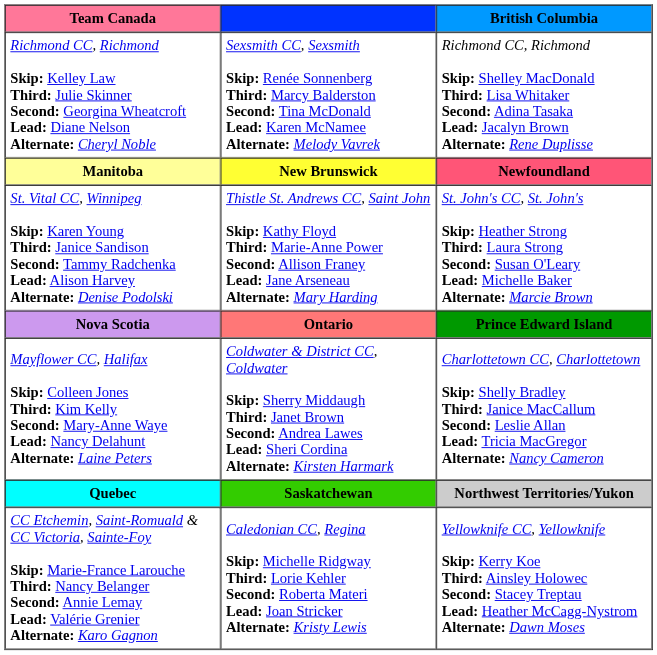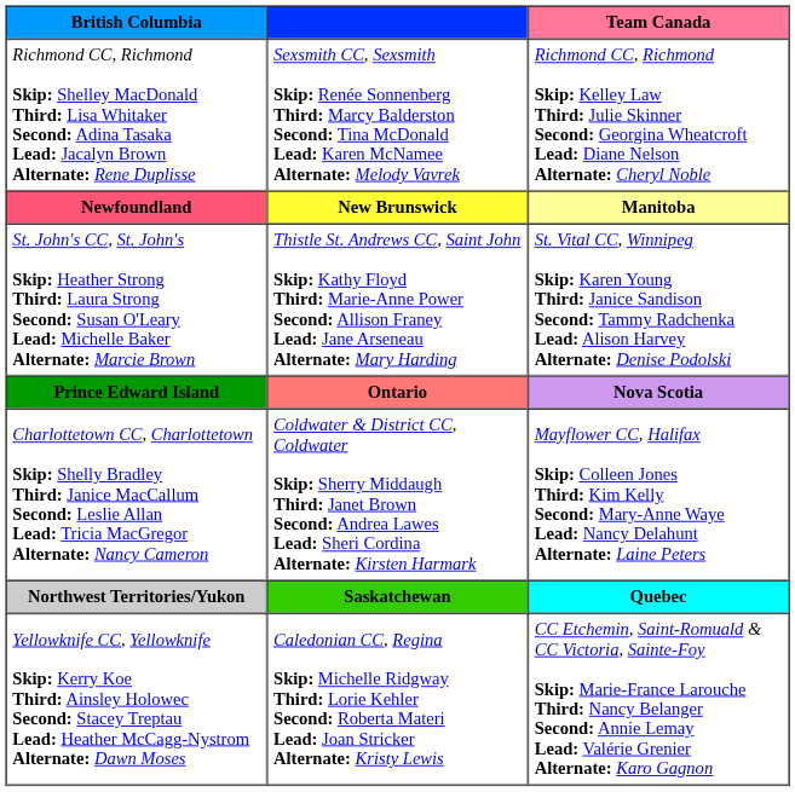 <table border=1 cellpadding=5 cellspacing=0>
 <tr>
+<th bgcolor="#0099ff" width="225">British Columbia</th>
+<th bgcolor="#0033ff" width="225"></th>
 <th bgcolor="#ff7799" width="225">Team Canada</th>
-<th bgcolor="#0033ff" width="225"></th>
-<th bgcolor="#0099ff" width="225">British Columbia</th>
 </tr>
 <tr align=center>
+<td align=left><em>Richmond CC, Richmond</em><br><br><strong>Skip:</strong> <a href='#'>Shelley MacDonald</a><br> <strong>Third:</strong> <a href='#'>Lisa Whitaker</a><br> <strong>Second:</strong> <a href='#'>Adina Tasaka</a><br> <strong>Lead:</strong> <a href='#'>Jacalyn Brown</a><br> <strong>Alternate:</strong> <em><a href='#'>Rene Duplisse</a></em></td>
+<td align=left><em><a href='#'>Sexsmith CC</a>, <a href='#'>Sexsmith</a></em><br><br><strong>Skip:</strong> <a href='#'>Renée Sonnenberg</a><br> <strong>Third:</strong> <a href='#'>Marcy Balderston</a><br> <strong>Second:</strong> <a href='#'>Tina McDonald</a><br> <strong>Lead:</strong> <a href='#'>Karen McNamee</a><br> <strong>Alternate:</strong> <em><a href='#'>Melody Vavrek</a></em></td>
 <td align=left><em><a href='#'>Richmond CC</a>, <a href='#'>Richmond</a></em><br><br><strong>Skip:</strong> <a href='#'>Kelley Law</a><br> <strong>Third:</strong> <a href='#'>Julie Skinner</a><br> <strong>Second:</strong> <a href='#'>Georgina Wheatcroft</a><br> <strong>Lead:</strong> <a href='#'>Diane Nelson</a><br> <strong>Alternate:</strong> <em><a href='#'>Cheryl Noble</a></em></td>
-<td align=left><em><a href='#'>Sexsmith CC</a>, <a href='#'>Sexsmith</a></em><br><br><strong>Skip:</strong> <a href='#'>Renée Sonnenberg</a><br> <strong>Third:</strong> <a href='#'>Marcy Balderston</a><br> <strong>Second:</strong> <a href='#'>Tina McDonald</a><br> <strong>Lead:</strong> <a href='#'>Karen McNamee</a><br> <strong>Alternate:</strong> <em><a href='#'>Melody Vavrek</a></em></td>
-<td align=left><em>Richmond CC, Richmond</em><br><br><strong>Skip:</strong> <a href='#'>Shelley MacDonald</a><br> <strong>Third:</strong> <a href='#'>Lisa Whitaker</a><br> <strong>Second:</strong> <a href='#'>Adina Tasaka</a><br> <strong>Lead:</strong> <a href='#'>Jacalyn Brown</a><br> <strong>Alternate:</strong> <em><a href='#'>Rene Duplisse</a></em></td>
 </tr>
 <tr border=1 cellpadding=5 cellspacing=0>
+<th bgcolor="#ff5577" width="200">Newfoundland</th>
+<th bgcolor="#ffff33" width="200">New Brunswick</th>
 <th bgcolor="#ffff99" width="200">Manitoba</th>
-<th bgcolor="#ffff33" width="200">New Brunswick</th>
-<th bgcolor="#ff5577" width="200">Newfoundland</th>
 </tr>
 <tr align=center>
+<td align=left><em><a href='#'>St. John's CC</a>, <a href='#'>St. John's</a></em><br><br><strong>Skip:</strong> <a href='#'>Heather Strong</a> <br> <strong>Third:</strong> <a href='#'>Laura Strong</a><br> <strong>Second:</strong> <a href='#'>Susan O'Leary</a><br> <strong>Lead:</strong> <a href='#'>Michelle Baker</a><br> <strong>Alternate:</strong> <em><a href='#'>Marcie Brown</a></em></td>
+<td align=left><em><a href='#'>Thistle St. Andrews CC</a>, <a href='#'>Saint John</a></em><br><br><strong>Skip:</strong> <a href='#'>Kathy Floyd</a><br> <strong>Third:</strong> <a href='#'>Marie-Anne Power</a><br> <strong>Second:</strong> <a href='#'>Allison Franey</a><br> <strong>Lead:</strong> <a href='#'>Jane Arseneau</a><br> <strong>Alternate:</strong> <em><a href='#'>Mary Harding</a></em></td>
 <td align=left><em><a href='#'>St. Vital CC</a>, <a href='#'>Winnipeg</a></em><br><br><strong>Skip:</strong> <a href='#'>Karen Young</a><br> <strong>Third:</strong> <a href='#'>Janice Sandison</a><br> <strong>Second:</strong> <a href='#'>Tammy Radchenka</a><br> <strong>Lead:</strong> <a href='#'>Alison Harvey</a><br> <strong>Alternate:</strong> <em><a href='#'>Denise Podolski</a></em></td>
-<td align=left><em><a href='#'>Thistle St. Andrews CC</a>, <a href='#'>Saint John</a></em><br><br><strong>Skip:</strong> <a href='#'>Kathy Floyd</a><br> <strong>Third:</strong> <a href='#'>Marie-Anne Power</a><br> <strong>Second:</strong> <a href='#'>Allison Franey</a><br> <strong>Lead:</strong> <a href='#'>Jane Arseneau</a><br> <strong>Alternate:</strong> <em><a href='#'>Mary Harding</a></em></td>
-<td align=left><em><a href='#'>St. John's CC</a>, <a href='#'>St. John's</a></em><br><br><strong>Skip:</strong> <a href='#'>Heather Strong</a> <br> <strong>Third:</strong> <a href='#'>Laura Strong</a><br> <strong>Second:</strong> <a href='#'>Susan O'Leary</a><br> <strong>Lead:</strong> <a href='#'>Michelle Baker</a><br> <strong>Alternate:</strong> <em><a href='#'>Marcie Brown</a></em></td>
 </tr>
 <tr border=1 cellpadding=5 cellspacing=0>
+<th bgcolor="#009900" width="200">Prince Edward Island</th>
+<th bgcolor="#ff7777" width="200">Ontario</th>
 <th bgcolor="#cc99ee" width="200">Nova Scotia</th>
-<th bgcolor="#ff7777" width="200">Ontario</th>
-<th bgcolor="#009900" width="200">Prince Edward Island</th>
 </tr>
 <tr align=center>
+<td align=left><em><a href='#'>Charlottetown CC</a>, <a href='#'>Charlottetown</a></em><br><br><strong>Skip:</strong> <a href='#'>Shelly Bradley</a><br> <strong>Third:</strong> <a href='#'>Janice MacCallum</a> <br> <strong>Second:</strong> <a href='#'>Leslie Allan</a><br> <strong>Lead:</strong> <a href='#'>Tricia MacGregor</a><br> <strong>Alternate:</strong> <em><a href='#'>Nancy Cameron</a></em></td>
+<td align=left><em><a href='#'>Coldwater & District CC</a>, <a href='#'>Coldwater</a></em><br><br><strong>Skip:</strong> <a href='#'>Sherry Middaugh</a><br> <strong>Third:</strong> <a href='#'>Janet Brown</a><br> <strong>Second:</strong> <a href='#'>Andrea Lawes</a><br> <strong>Lead:</strong> <a href='#'>Sheri Cordina</a><br> <strong>Alternate:</strong> <em><a href='#'>Kirsten Harmark</a></em></td>
 <td align=left><em><a href='#'>Mayflower CC</a>, <a href='#'>Halifax</a></em><br><br><strong>Skip:</strong> <a href='#'>Colleen Jones</a><br> <strong>Third:</strong> <a href='#'>Kim Kelly</a><br> <strong>Second:</strong> <a href='#'>Mary-Anne Waye</a><br> <strong>Lead:</strong> <a href='#'>Nancy Delahunt</a><br> <strong>Alternate:</strong> <em><a href='#'>Laine Peters</a></em></td>
-<td align=left><em><a href='#'>Coldwater & District CC</a>, <a href='#'>Coldwater</a></em><br><br><strong>Skip:</strong> <a href='#'>Sherry Middaugh</a><br> <strong>Third:</strong> <a href='#'>Janet Brown</a><br> <strong>Second:</strong> <a href='#'>Andrea Lawes</a><br> <strong>Lead:</strong> <a href='#'>Sheri Cordina</a><br> <strong>Alternate:</strong> <em><a href='#'>Kirsten Harmark</a></em></td>
-<td align=left><em><a href='#'>Charlottetown CC</a>, <a href='#'>Charlottetown</a></em><br><br><strong>Skip:</strong> <a href='#'>Shelly Bradley</a><br> <strong>Third:</strong> <a href='#'>Janice MacCallum</a> <br> <strong>Second:</strong> <a href='#'>Leslie Allan</a><br> <strong>Lead:</strong> <a href='#'>Tricia MacGregor</a><br> <strong>Alternate:</strong> <em><a href='#'>Nancy Cameron</a></em></td>
 </tr>
 <tr border=1 cellpadding=5 cellspacing=0>
+<th bgcolor="#cccccc" width="200">Northwest Territories/Yukon</th>
+<th bgcolor="#33cc00" width="200">Saskatchewan</th>
 <th bgcolor="#00ffff" width="200">Quebec</th>
-<th bgcolor="#33cc00" width="200">Saskatchewan</th>
-<th bgcolor="#cccccc" width="200">Northwest Territories/Yukon</th>
 </tr>
 <tr align=center>
+<td align=left><em><a href='#'>Yellowknife CC</a>, <a href='#'>Yellowknife</a></em><br><br><strong>Skip:</strong> <a href='#'>Kerry Koe</a><br> <strong>Third:</strong> <a href='#'>Ainsley Holowec</a><br> <strong>Second:</strong> <a href='#'>Stacey Treptau</a><br> <strong>Lead:</strong> <a href='#'>Heather McCagg-Nystrom</a><br> <strong>Alternate:</strong> <em><a href='#'>Dawn Moses</a></em></td>
+<td align=left><em><a href='#'>Caledonian CC</a>, <a href='#'>Regina</a></em><br><br><strong>Skip:</strong> <a href='#'>Michelle Ridgway</a><br> <strong>Third:</strong> <a href='#'>Lorie Kehler</a><br> <strong>Second:</strong> <a href='#'>Roberta Materi</a><br> <strong>Lead:</strong> <a href='#'>Joan Stricker</a><br> <strong>Alternate:</strong> <em><a href='#'>Kristy Lewis</a></em></td>
 <td align=left><em><a href='#'>CC Etchemin</a>, <a href='#'>Saint-Romuald</a> &<br><a href='#'>CC Victoria</a>, <a href='#'>Sainte-Foy</a></em><br><br><strong>Skip:</strong> <a href='#'>Marie-France Larouche</a><br> <strong>Third:</strong> <a href='#'>Nancy Belanger</a><br> <strong>Second:</strong> <a href='#'>Annie Lemay</a><br> <strong>Lead:</strong> <a href='#'>Valérie Grenier</a><br> <strong>Alternate:</strong> <em><a href='#'>Karo Gagnon</a></em></td>
-<td align=left><em><a href='#'>Caledonian CC</a>, <a href='#'>Regina</a></em><br><br><strong>Skip:</strong> <a href='#'>Michelle Ridgway</a><br> <strong>Third:</strong> <a href='#'>Lorie Kehler</a><br> <strong>Second:</strong> <a href='#'>Roberta Materi</a><br> <strong>Lead:</strong> <a href='#'>Joan Stricker</a><br> <strong>Alternate:</strong> <em><a href='#'>Kristy Lewis</a></em></td>
-<td align=left><em><a href='#'>Yellowknife CC</a>, <a href='#'>Yellowknife</a></em><br><br><strong>Skip:</strong> <a href='#'>Kerry Koe</a><br> <strong>Third:</strong> <a href='#'>Ainsley Holowec</a><br> <strong>Second:</strong> <a href='#'>Stacey Treptau</a><br> <strong>Lead:</strong> <a href='#'>Heather McCagg-Nystrom</a><br> <strong>Alternate:</strong> <em><a href='#'>Dawn Moses</a></em></td>
 </tr>
 </table>
